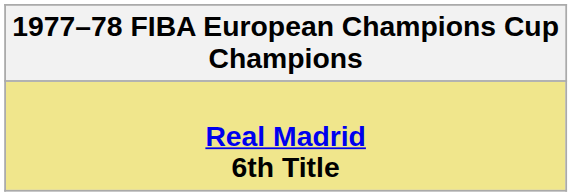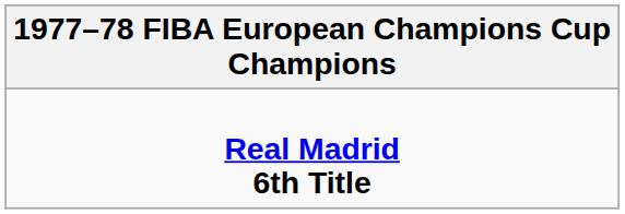 <table class=wikitable style="text-align:center; margin:auto">
 <tr>
 <th>1977–78 FIBA European Champions Cup<br>Champions</th>
 </tr>
 <tr>
-<td style="background: khaki;"> <br> <strong><a href='#'>Real Madrid</a></strong> <br> <strong>6th Title</strong></td>
+<td> <br> <strong><a href='#'>Real Madrid</a></strong> <br> <strong>6th Title</strong></td>
 </tr>
 </table>
